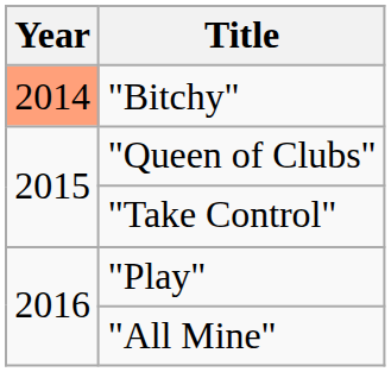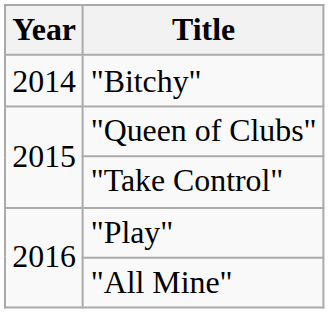 <table class="wikitable">
 <tr>
 <th>Year</th>
 <th>Title</th>
 </tr>
 <tr>
-<td style="background: lightsalmon;">2014</td>
+<td>2014</td>
 <td>"Bitchy"</td>
 </tr>
 <tr>
 <td rowspan="2">2015</td>
 <td>"Queen of Clubs"</td>
 </tr>
 <tr>
 <td>"Take Control"</td>
 </tr>
 <tr>
 <td rowspan="2">2016</td>
 <td>"Play"</td>
 </tr>
 <tr>
 <td>"All Mine"</td>
 </tr>
 </table>
